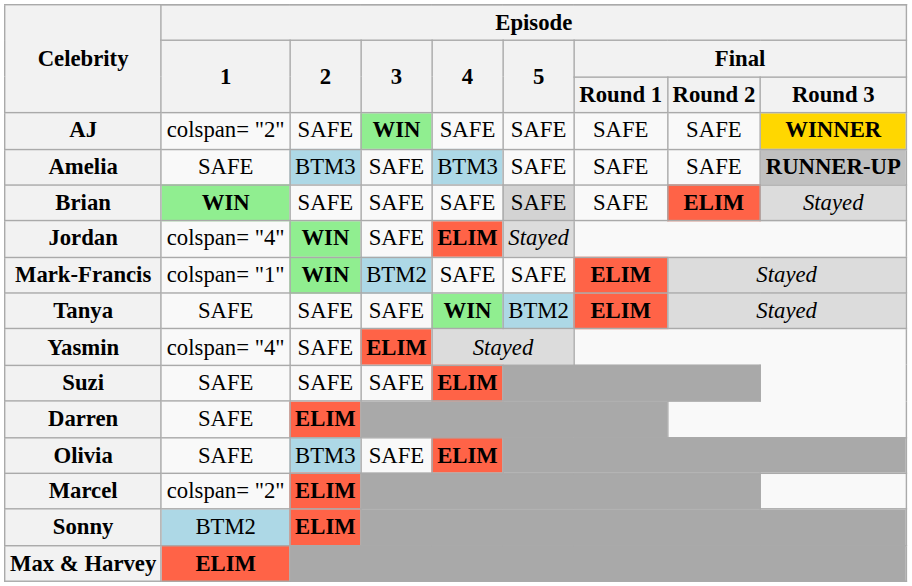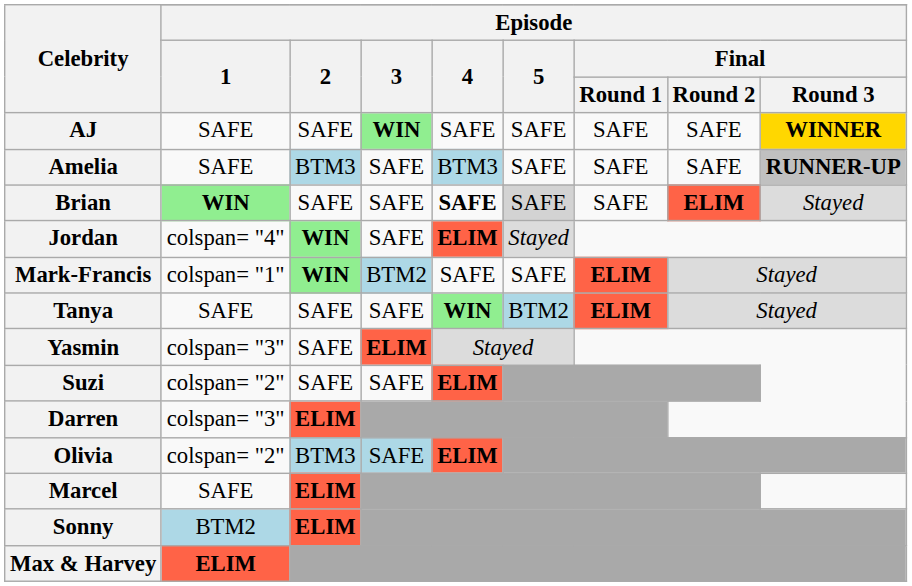 <table class="wikitable plainrowheaders" style="text-align:center">
 <tr>
 <th scope="col" rowspan="4">Celebrity</th>
 </tr>
 <tr>
 <th scope="col" colspan="10">Episode</th>
 </tr>
 <tr>
 <th scope="col" rowspan="2">1</th>
 <th scope="col" rowspan="2">2</th>
 <th scope="col" rowspan="2">3</th>
 <th scope="col" rowspan="2">4</th>
 <th scope="col" rowspan="2">5</th>
 <th scope="col" colspan="3">Final</th>
 </tr>
 <tr>
 <th scope="col">Round 1</th>
 <th scope="col">Round 2</th>
 <th scope="col">Round 3</th>
 </tr>
 <tr>
 <th>AJ</th>
-<td>colspan= "2" </td>
+<td>SAFE</td>
 <td>SAFE</td>
 <td style="background:lightgreen;"><strong>WIN</strong></td>
 <td>SAFE</td>
 <td>SAFE</td>
 <td>SAFE</td>
 <td>SAFE</td>
 <td style="background:gold;"><strong>WINNER</strong></td>
 </tr>
 <tr>
 <th>Amelia</th>
 <td>SAFE</td>
 <td style="background:lightblue;">BTM3</td>
 <td>SAFE</td>
 <td style="background:lightblue;">BTM3</td>
 <td>SAFE</td>
 <td>SAFE</td>
 <td>SAFE</td>
 <td style="background:silver;"><strong>RUNNER-UP</strong></td>
 </tr>
 <tr>
 <th>Brian</th>
 <td style="background:lightgreen;"><strong>WIN</strong></td>
 <td>SAFE</td>
 <td>SAFE</td>
-<td>SAFE</td>
+<td><strong>SAFE</strong></td>
 <td style="background: lightgrey;">SAFE</td>
 <td>SAFE</td>
 <td style="background:tomato;"><strong>ELIM</strong></td>
 <td bgcolor="gainsboro"><em>Stayed</em></td>
 </tr>
 <tr>
 <th>Jordan</th>
 <td>colspan= "4" </td>
 <td style="background:lightgreen;"><strong>WIN</strong></td>
 <td>SAFE</td>
 <td style="background:tomato;"><strong>ELIM</strong></td>
 <td bgcolor="gainsboro"><em>Stayed</em></td>
 </tr>
 <tr>
 <th>Mark-Francis</th>
 <td>colspan= "1" </td>
 <td style="background:lightgreen;"><strong>WIN</strong></td>
 <td style="background:lightblue;">BTM2</td>
 <td>SAFE</td>
 <td>SAFE</td>
 <td style="background:tomato;"><strong>ELIM</strong></td>
 <td colspan="2" bgcolor="gainsboro"><em>Stayed</em></td>
 </tr>
 <tr>
 <th>Tanya</th>
 <td>SAFE</td>
 <td>SAFE</td>
 <td>SAFE</td>
 <td style="background:lightgreen;"><strong>WIN</strong></td>
 <td style="background:lightblue;">BTM2</td>
 <td style="background:tomato;"><strong>ELIM</strong></td>
 <td colspan="2" bgcolor="gainsboro"><em>Stayed</em></td>
 </tr>
 <tr>
 <th>Yasmin</th>
-<td>colspan= "4" </td>
+<td>colspan= "3" </td>
 <td>SAFE</td>
 <td style="background:tomato;"><strong>ELIM</strong></td>
 <td colspan="2" bgcolor="gainsboro"><em>Stayed</em></td>
 </tr>
 <tr>
 <th>Suzi</th>
-<td>SAFE</td>
+<td>colspan= "2" </td>
 <td>SAFE</td>
 <td>SAFE</td>
 <td style="background:tomato;"><strong>ELIM</strong></td>
 <td colspan="3" bgcolor="darkgray"></td>
 </tr>
 <tr>
 <th>Darren</th>
-<td>SAFE</td>
+<td>colspan= "3" </td>
 <td style="background:tomato;"><strong>ELIM</strong></td>
 <td colspan="4" bgcolor="darkgray"></td>
 </tr>
 <tr>
 <th>Olivia</th>
-<td>SAFE</td>
+<td>colspan= "2" </td>
 <td style="background:lightblue;">BTM3</td>
-<td>SAFE</td>
+<td style="background: lightblue;">SAFE</td>
 <td style="background:tomato;"><strong>ELIM</strong></td>
 <td colspan="4" bgcolor="darkgray"></td>
 </tr>
 <tr>
 <th>Marcel</th>
-<td>colspan= "2" </td>
+<td>SAFE</td>
 <td style="background:tomato;"><strong>ELIM</strong></td>
 <td colspan="5" bgcolor="darkgray"></td>
 </tr>
 <tr>
 <th>Sonny</th>
 <td style="background:lightblue;">BTM2</td>
 <td style="background:tomato;"><strong>ELIM</strong></td>
 <td colspan="6" bgcolor="darkgray"></td>
 </tr>
 <tr>
 <th>Max & Harvey</th>
 <td style="background:tomato;"><strong>ELIM</strong></td>
 <td colspan="7" bgcolor="darkgray"></td>
 </tr>
 </table>
